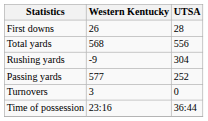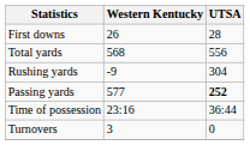 <table class="wikitable">
 <tr>
 <th>Statistics</th>
 <th>Western Kentucky</th>
 <th>UTSA</th>
 </tr>
 <tr>
 <td>First downs</td>
 <td>26</td>
 <td>28</td>
 </tr>
 <tr>
 <td>Total yards</td>
 <td>568</td>
 <td>556</td>
 </tr>
 <tr>
 <td>Rushing yards</td>
 <td>-9</td>
 <td>304</td>
 </tr>
 <tr>
 <td>Passing yards</td>
 <td>577</td>
-<td>252</td>
+<td><strong>252</strong></td>
+</tr>
+<tr>
+<td>Time of possession</td>
+<td>23:16</td>
+<td>36:44</td>
 </tr>
 <tr>
 <td>Turnovers</td>
 <td>3</td>
 <td>0</td>
 </tr>
 <tr>
-<td>Time of possession</td>
-<td>23:16</td>
-<td>36:44</td>
-</tr>
-<tr>
 </tr>
 </table>
